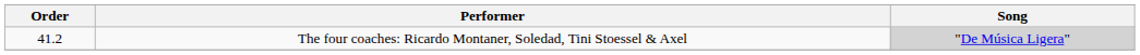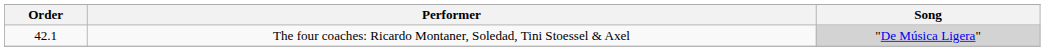 <table class="wikitable" style="text-align:center; width:100%;">
 <tr>
 </tr>
 <tr>
 <th>Order</th>
 <th>Performer</th>
 <th>Song</th>
 </tr>
 <tr>
-<td>41.2</td>
+<td>42.1</td>
 <td>The four coaches: Ricardo Montaner, Soledad, Tini Stoessel & Axel</td>
 <td style="background: lightgrey;">"<a href='#'>De Música Ligera</a>"</td>
 </tr>
 <tr>
 </tr>
 </table>
